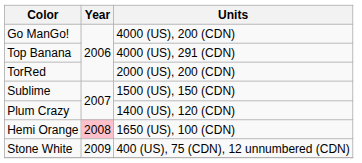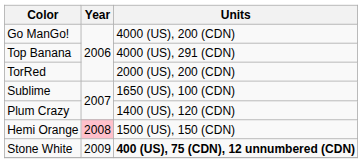 <table class="wikitable" style="font-size:95%;" align="left">
 <tr>
 <th>Color</th>
 <th>Year</th>
 <th>Units</th>
 </tr>
 <tr>
 <td>Go ManGo!</td>
 <td rowspan=3>2006</td>
 <td>4000 (US), 200 (CDN)</td>
 </tr>
 <tr>
 <td>Top Banana</td>
 <td>4000 (US), 291 (CDN)</td>
 </tr>
 <tr>
 <td>TorRed</td>
 <td>2000 (US), 200 (CDN)</td>
 </tr>
 <tr>
 <td>Sublime</td>
 <td rowspan=2>2007</td>
-<td>1500 (US), 150 (CDN)</td>
+<td>1650 (US), 100 (CDN)</td>
 </tr>
 <tr>
 <td>Plum Crazy</td>
 <td>1400 (US), 120 (CDN)</td>
 </tr>
 <tr>
 <td>Hemi Orange</td>
 <td style="background: pink;">2008</td>
-<td>1650 (US), 100 (CDN)</td>
+<td>1500 (US), 150 (CDN)</td>
 </tr>
 <tr>
 <td>Stone White</td>
 <td>2009</td>
-<td>400 (US), 75 (CDN), 12 unnumbered (CDN)</td>
+<td><strong>400 (US), 75 (CDN), 12 unnumbered (CDN)</strong></td>
 </tr>
 <tr>
 </tr>
 </table>
